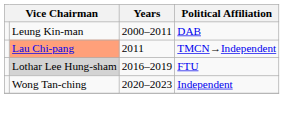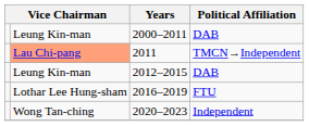 <table class="wikitable">
 <tr>
 <th colspan=2>Vice Chairman</th>
 <th>Years</th>
 <th>Political Affiliation</th>
 </tr>
 <tr>
 <td style="color:inherit;background:"></td>
 <td>Leung Kin-man</td>
 <td>2000–2011</td>
 <td><a href='#'>DAB</a></td>
 </tr>
 <tr>
 <td style="color:inherit;background: "></td>
 <td style="background: lightsalmon;"><a href='#'>Lau Chi-pang</a></td>
 <td>2011</td>
 <td><a href='#'>TMCN</a>→<a href='#'>Independent</a></td>
 </tr>
 <tr>
 <td style="color:inherit;background:"></td>
-<td style="background: lightgrey;">Lothar Lee Hung-sham</td>
+<td>Leung Kin-man</td>
+<td>2012–2015</td>
+<td><a href='#'>DAB</a></td>
+</tr>
+<tr>
+<td style="color:inherit;background:"></td>
+<td>Lothar Lee Hung-sham</td>
 <td>2016–2019</td>
 <td><a href='#'>FTU</a></td>
 </tr>
 <tr>
 <td style="color:inherit;background:"></td>
 <td>Wong Tan-ching</td>
 <td>2020–2023</td>
 <td><a href='#'>Independent</a></td>
 </tr>
 <tr>
 </tr>
 </table>
